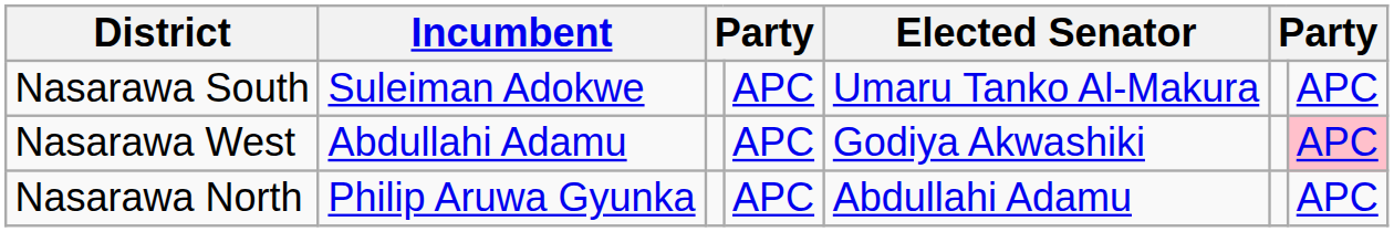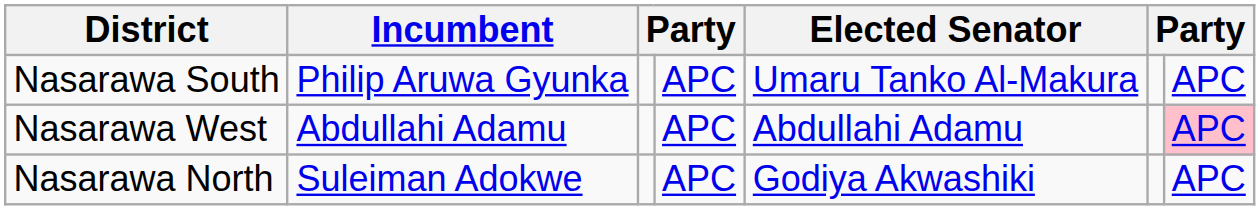 <table class="sortable wikitable" style="font-size:95%;line-height:14px;">
 <tr>
 <th class="unsortable">District</th>
 <th class="unsortable"><a href='#'>Incumbent</a></th>
 <th colspan="2">Party</th>
 <th class="unsortable">Elected Senator</th>
 <th colspan="2">Party</th>
 </tr>
 <tr>
 <td>Nasarawa South</td>
-<td><a href='#'>Suleiman Adokwe</a></td>
+<td><a href='#'>Philip Aruwa Gyunka</a></td>
 <td style="background:"></td>
 <td><a href='#'>APC</a></td>
 <td><a href='#'>Umaru Tanko Al-Makura</a></td>
 <td style="background:"></td>
 <td><a href='#'>APC</a></td>
 </tr>
 <tr>
 <td>Nasarawa West</td>
 <td><a href='#'>Abdullahi Adamu</a></td>
 <td style="background:"></td>
 <td><a href='#'>APC</a></td>
-<td><a href='#'>Godiya Akwashiki</a></td>
+<td><a href='#'>Abdullahi Adamu</a></td>
 <td style="background:"></td>
 <td style="background: pink;"><a href='#'>APC</a></td>
 </tr>
 <tr>
 <td>Nasarawa North</td>
-<td><a href='#'>Philip Aruwa Gyunka</a></td>
+<td><a href='#'>Suleiman Adokwe</a></td>
 <td style="background:"></td>
 <td><a href='#'>APC</a></td>
-<td><a href='#'>Abdullahi Adamu</a></td>
+<td><a href='#'>Godiya Akwashiki</a></td>
 <td style="background:"></td>
 <td><a href='#'>APC</a></td>
 </tr>
 </table>
